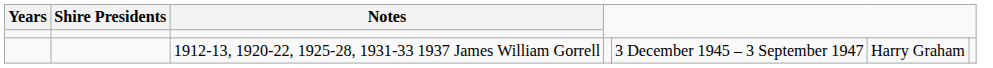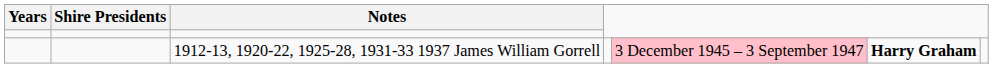 <table class="wikitable">
 <tr>
 <th>Years</th>
 <th>Shire Presidents</th>
 <th>Notes</th>
 </tr>
 <tr>
 <td></td>
 <td></td>
 <td></td>
 </tr>
 <tr>
 <td></td>
 <td></td>
 <td>1912-13, 1920-22, 1925-28, 1931-33              1937     James William Gorrell</td>
 <td></td>
-<td>3 December 1945 – 3 September 1947</td>
-<td>Harry Graham</td>
+<td style="background: pink;">3 December 1945 – 3 September 1947</td>
+<td><strong>Harry Graham</strong></td>
 <td></td>
 </tr>
 </table>
